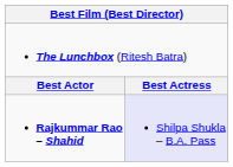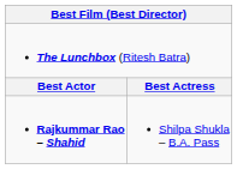 <table class="wikitable">
 <tr>
 <th colspan=2><a href='#'>Best Film (Best Director)</a></th>
 </tr>
 <tr>
 <td colspan=2><br><ul><li><strong><em><a href='#'>The Lunchbox</a></em></strong> (<a href='#'>Ritesh Batra</a>)</li></ul></td>
 </tr>
 <tr>
 <th><a href='#'>Best Actor</a></th>
 <th><a href='#'>Best Actress</a></th>
 </tr>
 <tr>
 <td><br><ul><li><strong><a href='#'>Rajkummar Rao</a><br> – <em><a href='#'>Shahid</a><strong><em></li></ul></td>
-<td style="background: lavender;"><br><ul><li></strong><a href='#'>Shilpa Shukla</a><br> – </em><a href='#'>B.A. Pass</a></em></strong></li></ul></td>
+<td><br><ul><li></strong><a href='#'>Shilpa Shukla</a><br> – </em><a href='#'>B.A. Pass</a></em></strong></li></ul></td>
 </tr>
 </table>
